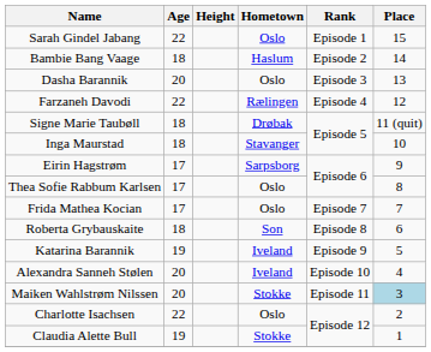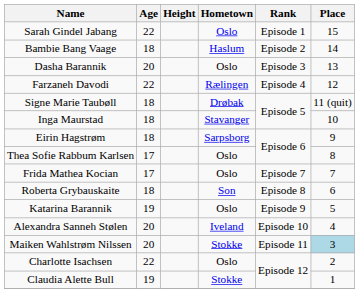 <table class="wikitable sortable" style="text-align:center;">
 <tr>
 <th>Name</th>
 <th>Age</th>
 <th>Height</th>
 <th>Hometown</th>
 <th>Rank</th>
 <th>Place</th>
 </tr>
 <tr>
 <td>Sarah Gindel Jabang</td>
 <td>22</td>
 <td></td>
 <td><a href='#'>Oslo</a></td>
 <td>Episode 1</td>
 <td>15</td>
 </tr>
 <tr>
 <td>Bambie Bang Vaage</td>
 <td>18</td>
 <td></td>
 <td><a href='#'>Haslum</a></td>
 <td>Episode 2</td>
 <td>14</td>
 </tr>
 <tr>
 <td>Dasha Barannik</td>
 <td>20</td>
 <td></td>
 <td>Oslo</td>
 <td>Episode 3</td>
 <td>13</td>
 </tr>
 <tr>
 <td>Farzaneh Davodi</td>
 <td>22</td>
 <td></td>
 <td><a href='#'>Rælingen</a></td>
 <td>Episode 4</td>
 <td>12</td>
 </tr>
 <tr>
 <td>Signe Marie Taubøll</td>
 <td>18</td>
 <td></td>
 <td><a href='#'>Drøbak</a></td>
 <td rowspan="2">Episode 5</td>
 <td>11 (quit)</td>
 </tr>
 <tr>
 <td>Inga Maurstad</td>
 <td>18</td>
 <td></td>
 <td><a href='#'>Stavanger</a></td>
 <td>10</td>
 </tr>
 <tr>
 <td>Eirin Hagstrøm</td>
-<td>17</td>
+<td>18</td>
 <td></td>
 <td><a href='#'>Sarpsborg</a></td>
 <td rowspan="2">Episode 6</td>
 <td>9</td>
 </tr>
 <tr>
 <td>Thea Sofie Rabbum Karlsen</td>
 <td>17</td>
 <td></td>
 <td>Oslo</td>
 <td>8</td>
 </tr>
 <tr>
 <td>Frida Mathea Kocian</td>
 <td>17</td>
 <td></td>
 <td>Oslo</td>
 <td>Episode 7</td>
 <td>7</td>
 </tr>
 <tr>
 <td>Roberta Grybauskaite</td>
 <td>18</td>
 <td></td>
 <td><a href='#'>Son</a></td>
 <td>Episode 8</td>
 <td>6</td>
 </tr>
 <tr>
 <td>Katarina Barannik</td>
 <td>19</td>
 <td></td>
-<td><a href='#'>Iveland</a></td>
+<td>Oslo</td>
 <td>Episode 9</td>
 <td>5</td>
 </tr>
 <tr>
 <td>Alexandra Sanneh Stølen</td>
 <td>20</td>
 <td></td>
 <td><a href='#'>Iveland</a></td>
 <td>Episode 10</td>
 <td>4</td>
 </tr>
 <tr>
 <td>Maiken Wahlstrøm Nilssen</td>
 <td>20</td>
 <td></td>
 <td><a href='#'>Stokke</a></td>
 <td>Episode 11</td>
 <td style="background: lightblue;">3</td>
 </tr>
 <tr>
 <td>Charlotte Isachsen</td>
 <td>22</td>
 <td></td>
 <td>Oslo</td>
 <td rowspan="2">Episode 12</td>
 <td>2</td>
 </tr>
 <tr>
 <td>Claudia Alette Bull</td>
 <td>19</td>
 <td></td>
 <td><a href='#'>Stokke</a></td>
 <td>1</td>
 </tr>
 <tr>
 </tr>
 </table>
